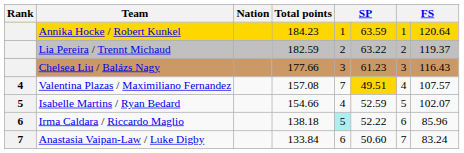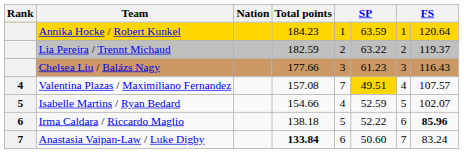 <table class="wikitable sortable" style="text-align:left">
 <tr>
 <th scope="col">Rank</th>
 <th scope="col">Team</th>
 <th scope="col">Nation</th>
 <th scope="col">Total points</th>
 <th scope="col" colspan="2" width="80px"><a href='#'>SP</a></th>
 <th scope="col" colspan="2" width="80px"><a href='#'>FS</a></th>
 </tr>
 <tr bgcolor="gold">
 <th scope="row"></th>
 <td><a href='#'>Annika Hocke</a> / <a href='#'>Robert Kunkel</a></td>
 <td></td>
 <td align="center">184.23</td>
 <td align="center">1</td>
 <td align="center">63.59</td>
 <td align="center">1</td>
 <td align="center">120.64</td>
 </tr>
 <tr bgcolor="silver">
 <th scope="row"></th>
 <td><a href='#'>Lia Pereira</a> / <a href='#'>Trennt Michaud</a></td>
 <td></td>
 <td align="center">182.59</td>
 <td align="center">2</td>
 <td align="center">63.22</td>
 <td align="center">2</td>
 <td align="center">119.37</td>
 </tr>
 <tr bgcolor="cc9966">
 <th scope="row"></th>
 <td><a href='#'>Chelsea Liu</a> / <a href='#'>Balázs Nagy</a></td>
 <td></td>
 <td align="center">177.66</td>
 <td align="center">3</td>
 <td align="center">61.23</td>
 <td align="center">3</td>
 <td align="center">116.43</td>
 </tr>
 <tr>
 <th scope="row">4</th>
 <td><a href='#'>Valentina Plazas</a> / <a href='#'>Maximiliano Fernandez</a></td>
 <td></td>
 <td align="center">157.08</td>
 <td align="center">7</td>
 <td align="center" style="background: gold;">49.51</td>
 <td align="center">4</td>
 <td align="center">107.57</td>
 </tr>
 <tr>
 <th scope="row">5</th>
 <td><a href='#'>Isabelle Martins</a> / <a href='#'>Ryan Bedard</a></td>
 <td></td>
 <td align="center">154.66</td>
 <td align="center">4</td>
 <td align="center">52.59</td>
 <td align="center">5</td>
 <td align="center">102.07</td>
 </tr>
 <tr>
 <th scope="row">6</th>
 <td><a href='#'>Irma Caldara</a> / <a href='#'>Riccardo Maglio</a></td>
 <td></td>
 <td align="center">138.18</td>
-<td align="center" style="background: paleturquoise;">5</td>
+<td align="center">5</td>
 <td align="center">52.22</td>
 <td align="center">6</td>
-<td align="center">85.96</td>
+<td align="center"><strong>85.96</strong></td>
 </tr>
 <tr>
 <th scope="row">7</th>
 <td><a href='#'>Anastasia Vaipan-Law</a> / <a href='#'>Luke Digby</a></td>
 <td></td>
-<td align="center">133.84</td>
+<td align="center"><strong>133.84</strong></td>
 <td align="center">6</td>
 <td align="center">50.60</td>
 <td align="center">7</td>
 <td align="center">83.24</td>
 </tr>
 </table>
